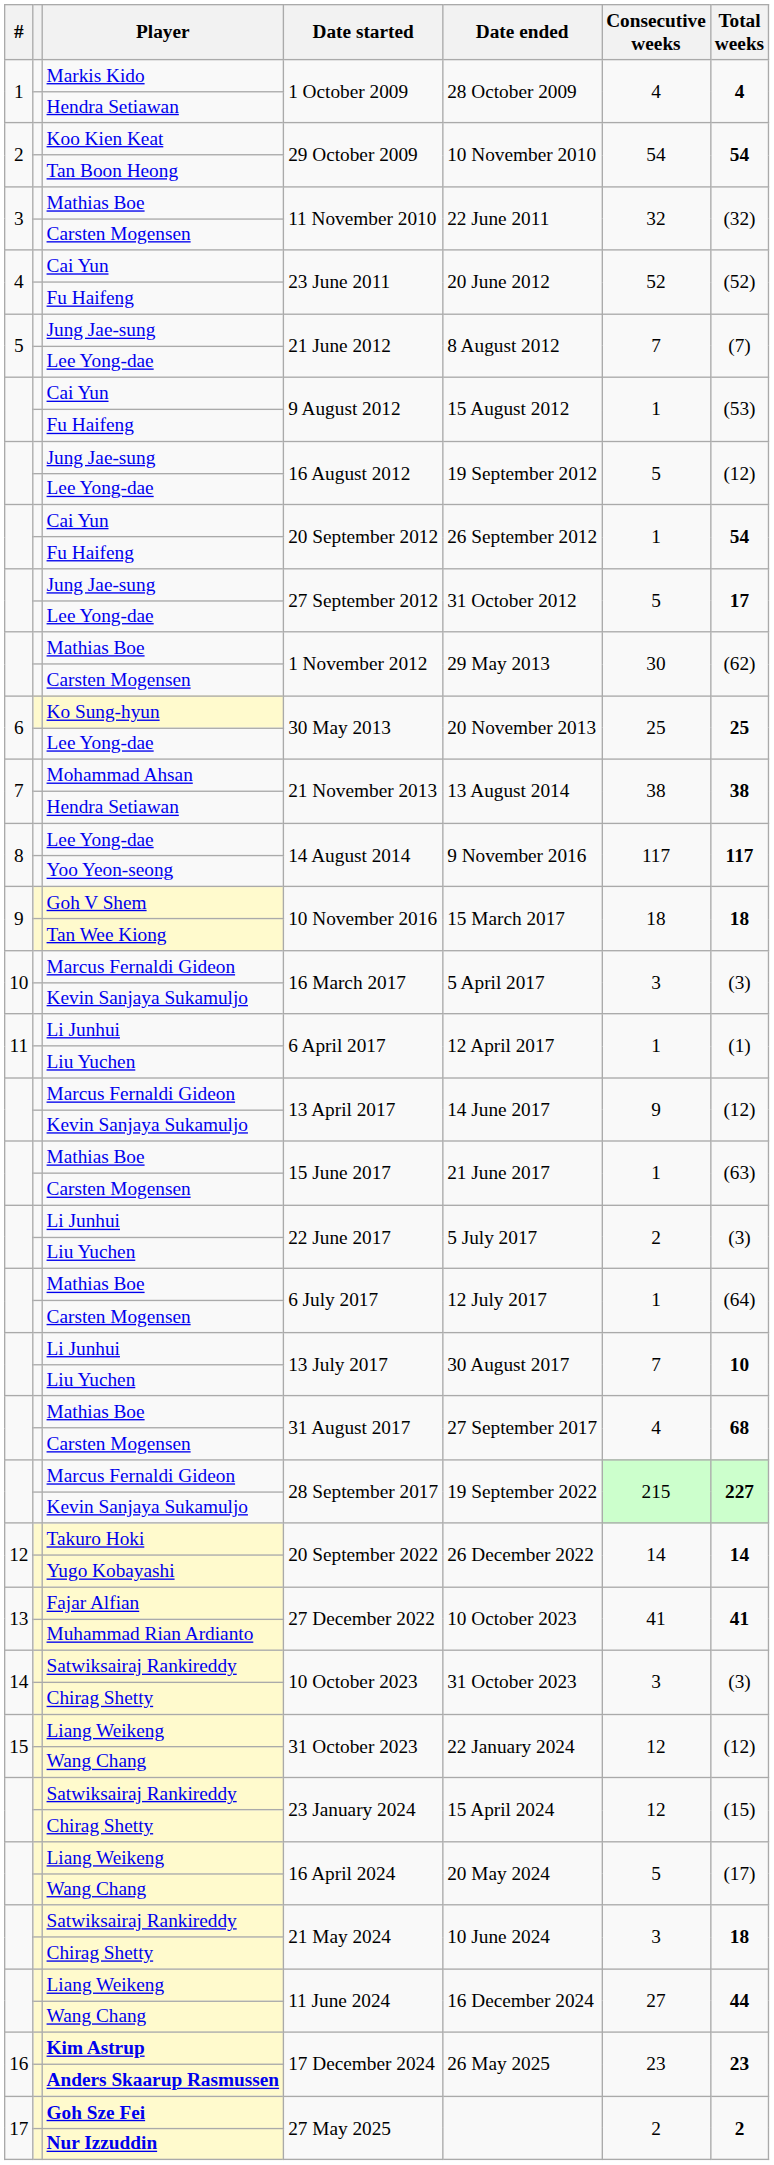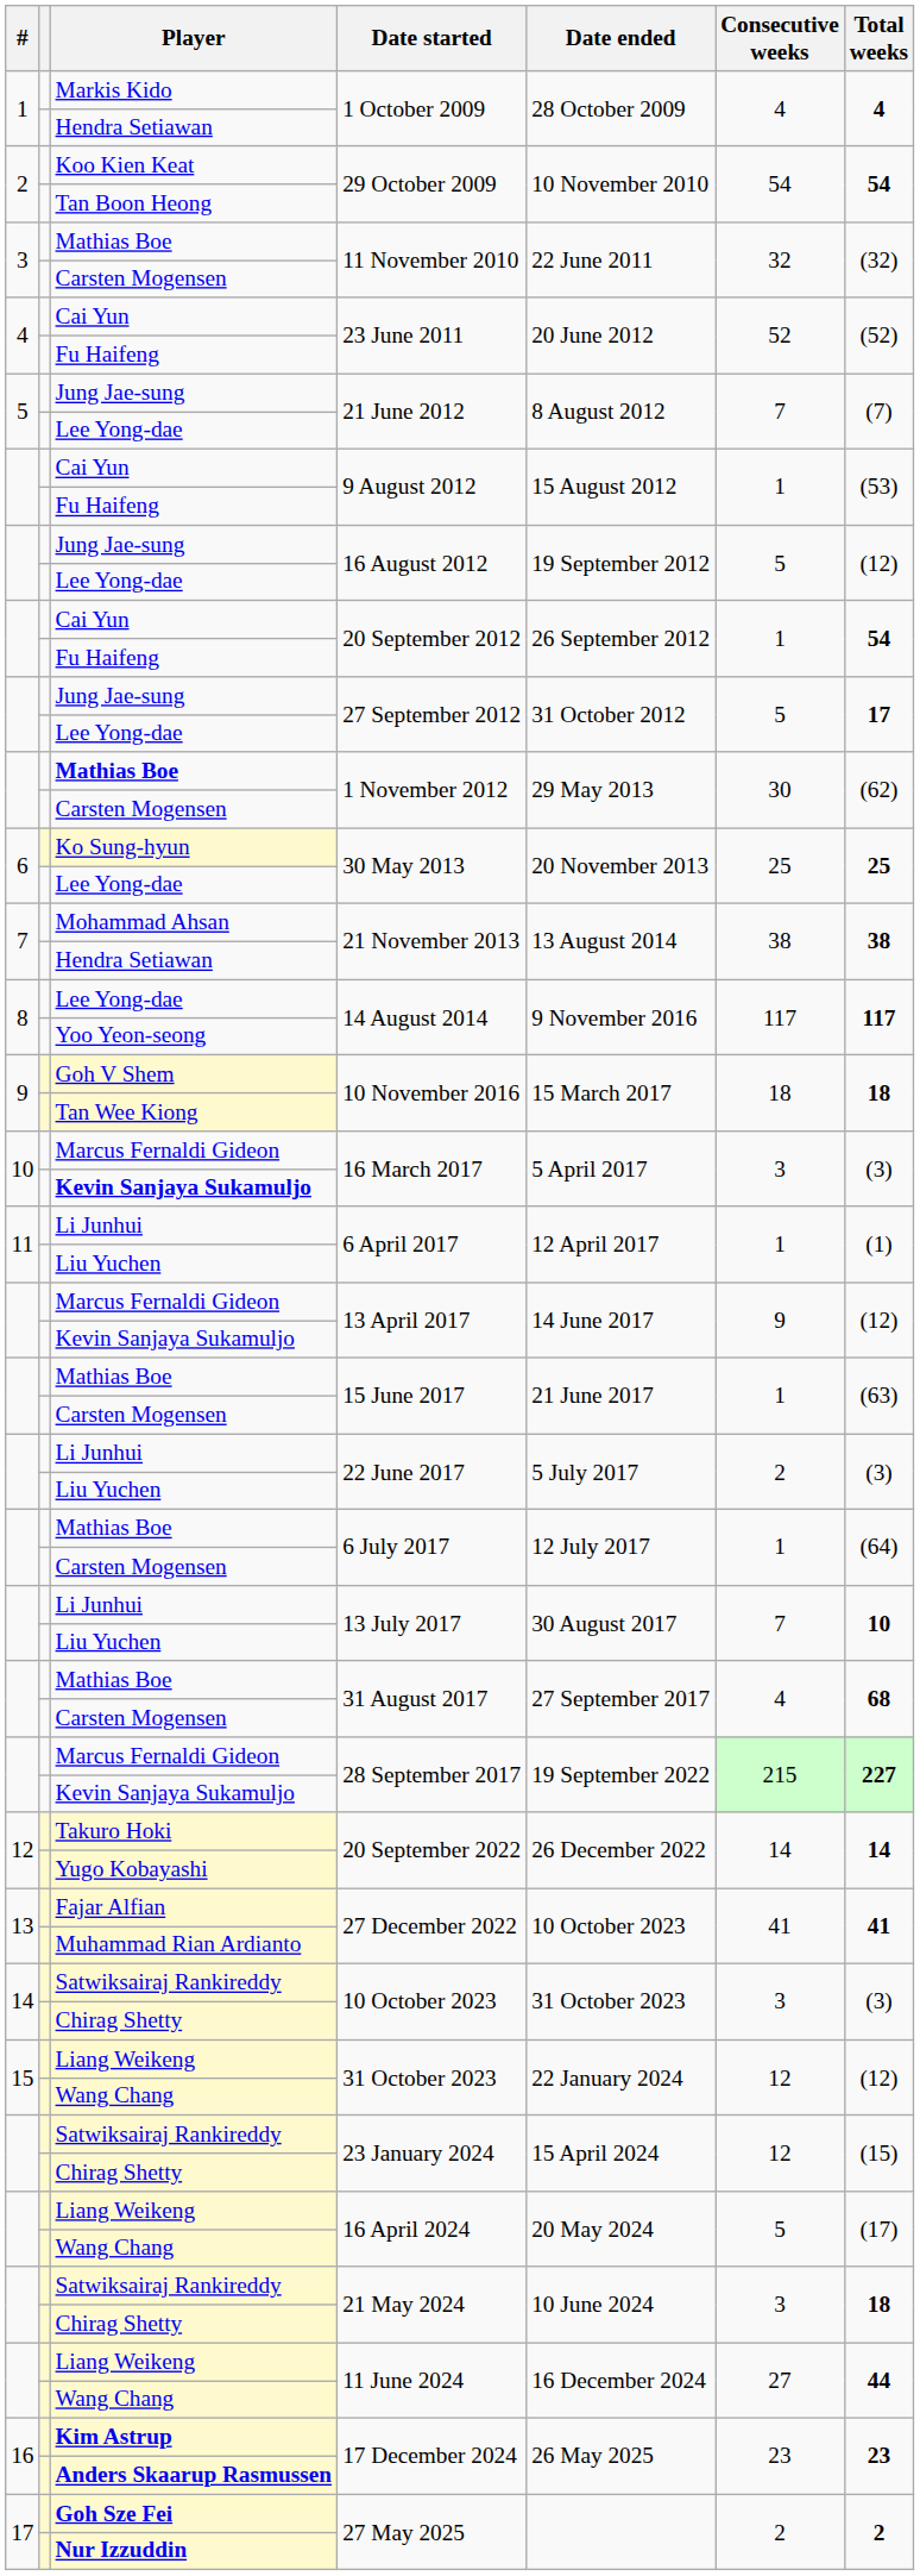 <table class="sortable wikitable" style="font-size:90%; text-align:center">
 <tr>
 <th>#</th>
 <th></th>
 <th>Player</th>
 <th>Date started</th>
 <th>Date ended</th>
 <th>Consecutive<br>weeks</th>
 <th>Total<br>weeks</th>
 </tr>
 <tr>
 <td rowspan="2">1</td>
 <td></td>
 <td align="left"><a href='#'>Markis Kido</a></td>
 <td align="left" rowspan="2">1 October 2009</td>
 <td align="left" rowspan="2">28 October 2009</td>
 <td rowspan="2">4</td>
 <td rowspan="2"><strong>4</strong></td>
 </tr>
 <tr>
 <td></td>
 <td align="left"><a href='#'>Hendra Setiawan</a></td>
 </tr>
 <tr>
 <td rowspan="2">2</td>
 <td></td>
 <td align="left"><a href='#'>Koo Kien Keat</a></td>
 <td align="left" rowspan="2">29 October 2009</td>
 <td align="left" rowspan="2">10 November 2010</td>
 <td rowspan="2">54</td>
 <td rowspan="2"><strong>54</strong></td>
 </tr>
 <tr>
 <td></td>
 <td align="left"><a href='#'>Tan Boon Heong</a></td>
 </tr>
 <tr>
 <td rowspan="2">3</td>
 <td></td>
 <td align="left"><a href='#'>Mathias Boe</a></td>
 <td align="left" rowspan="2">11 November 2010</td>
 <td align="left" rowspan="2">22 June 2011</td>
 <td rowspan="2">32</td>
 <td rowspan="2">(32)</td>
 </tr>
 <tr>
 <td></td>
 <td align="left"><a href='#'>Carsten Mogensen</a></td>
 </tr>
 <tr>
 <td rowspan="2">4</td>
 <td></td>
 <td align="left"><a href='#'>Cai Yun</a></td>
 <td align="left" rowspan="2">23 June 2011</td>
 <td align="left" rowspan="2">20 June 2012</td>
 <td rowspan="2">52</td>
 <td rowspan="2">(52)</td>
 </tr>
 <tr>
 <td></td>
 <td align="left"><a href='#'>Fu Haifeng</a></td>
 </tr>
 <tr>
 <td rowspan="2">5</td>
 <td></td>
 <td align="left"><a href='#'>Jung Jae-sung</a></td>
 <td align="left" rowspan="2">21 June 2012</td>
 <td align="left" rowspan="2">8 August 2012</td>
 <td rowspan="2">7</td>
 <td rowspan="2">(7)</td>
 </tr>
 <tr>
 <td></td>
 <td align="left"><a href='#'>Lee Yong-dae</a></td>
 </tr>
 <tr>
 <td rowspan="2"></td>
 <td></td>
 <td align="left"><a href='#'>Cai Yun</a></td>
 <td align="left" rowspan="2">9 August 2012</td>
 <td align="left" rowspan="2">15 August 2012</td>
 <td rowspan="2">1</td>
 <td rowspan="2">(53)</td>
 </tr>
 <tr>
 <td></td>
 <td align="left"><a href='#'>Fu Haifeng</a></td>
 </tr>
 <tr>
 <td rowspan="2"></td>
 <td></td>
 <td align="left"><a href='#'>Jung Jae-sung</a></td>
 <td align="left" rowspan="2">16 August 2012</td>
 <td align="left" rowspan="2">19 September 2012</td>
 <td rowspan="2">5</td>
 <td rowspan="2">(12)</td>
 </tr>
 <tr>
 <td></td>
 <td align="left"><a href='#'>Lee Yong-dae</a></td>
 </tr>
 <tr>
 <td rowspan="2"></td>
 <td></td>
 <td align="left"><a href='#'>Cai Yun</a></td>
 <td align="left" rowspan="2">20 September 2012</td>
 <td align="left" rowspan="2">26 September 2012</td>
 <td rowspan="2">1</td>
 <td rowspan="2"><strong>54</strong></td>
 </tr>
 <tr>
 <td></td>
 <td align="left"><a href='#'>Fu Haifeng</a></td>
 </tr>
 <tr>
 <td rowspan="2"></td>
 <td></td>
 <td align="left"><a href='#'>Jung Jae-sung</a></td>
 <td align="left" rowspan="2">27 September 2012</td>
 <td align="left" rowspan="2">31 October 2012</td>
 <td rowspan="2">5</td>
 <td rowspan="2"><strong>17</strong></td>
 </tr>
 <tr>
 <td></td>
 <td align="left"><a href='#'>Lee Yong-dae</a></td>
 </tr>
 <tr>
 <td rowspan="2"></td>
 <td></td>
-<td align="left"><a href='#'>Mathias Boe</a></td>
+<td align="left"><strong><a href='#'>Mathias Boe</a></strong></td>
 <td align="left" rowspan="2">1 November 2012</td>
 <td align="left" rowspan="2">29 May 2013</td>
 <td rowspan="2">30</td>
 <td rowspan="2">(62)</td>
 </tr>
 <tr>
 <td></td>
 <td align="left"><a href='#'>Carsten Mogensen</a></td>
 </tr>
 <tr>
 <td rowspan="2">6</td>
 <td bgcolor="#FFFACD"></td>
 <td align="left" bgcolor="#FFFACD"><a href='#'>Ko Sung-hyun</a></td>
 <td align="left" rowspan="2">30 May 2013</td>
 <td align="left" rowspan="2">20 November 2013</td>
 <td rowspan="2">25</td>
 <td rowspan="2"><strong>25</strong></td>
 </tr>
 <tr>
 <td></td>
 <td align="left"><a href='#'>Lee Yong-dae</a></td>
 </tr>
 <tr>
 <td rowspan="2">7</td>
 <td></td>
 <td align="left"><a href='#'>Mohammad Ahsan</a></td>
 <td align="left" rowspan="2">21 November 2013</td>
 <td align="left" rowspan="2">13 August 2014</td>
 <td rowspan="2">38</td>
 <td rowspan="2"><strong>38</strong></td>
 </tr>
 <tr>
 <td></td>
 <td align="left"><a href='#'>Hendra Setiawan</a></td>
 </tr>
 <tr>
 <td rowspan="2">8</td>
 <td></td>
 <td align="left"><a href='#'>Lee Yong-dae</a></td>
 <td align="left" rowspan="2">14 August 2014</td>
 <td align="left" rowspan="2">9 November 2016</td>
 <td rowspan="2">117</td>
 <td rowspan="2"><strong>117</strong></td>
 </tr>
 <tr>
 <td></td>
 <td align="left"><a href='#'>Yoo Yeon-seong</a></td>
 </tr>
 <tr>
 <td rowspan="2">9</td>
 <td bgcolor="#FFFACD"></td>
 <td align="left" bgcolor="#FFFACD"><a href='#'>Goh V Shem</a></td>
 <td align="left" rowspan="2">10 November 2016</td>
 <td align="left" rowspan="2">15 March 2017</td>
 <td rowspan="2">18</td>
 <td rowspan="2"><strong>18</strong></td>
 </tr>
 <tr>
 <td bgcolor="#FFFACD"></td>
 <td align="left" bgcolor="#FFFACD"><a href='#'>Tan Wee Kiong</a></td>
 </tr>
 <tr>
 <td rowspan="2">10</td>
 <td></td>
 <td align="left"><a href='#'>Marcus Fernaldi Gideon</a></td>
 <td align="left" rowspan="2">16 March 2017</td>
 <td align="left" rowspan="2">5 April 2017</td>
 <td rowspan="2">3</td>
 <td rowspan="2">(3)</td>
 </tr>
 <tr>
 <td></td>
-<td align="left"><a href='#'>Kevin Sanjaya Sukamuljo</a></td>
+<td align="left"><strong><a href='#'>Kevin Sanjaya Sukamuljo</a></strong></td>
 </tr>
 <tr>
 <td rowspan="2">11</td>
 <td></td>
 <td align="left"><a href='#'>Li Junhui</a></td>
 <td align="left" rowspan="2">6 April 2017</td>
 <td align="left" rowspan="2">12 April 2017</td>
 <td rowspan="2">1</td>
 <td rowspan="2">(1)</td>
 </tr>
 <tr>
 <td></td>
 <td align="left"><a href='#'>Liu Yuchen</a></td>
 </tr>
 <tr>
 <td rowspan="2"></td>
 <td></td>
 <td align="left"><a href='#'>Marcus Fernaldi Gideon</a></td>
 <td align="left" rowspan="2">13 April 2017</td>
 <td align="left" rowspan="2">14 June 2017</td>
 <td rowspan="2">9</td>
 <td rowspan="2">(12)</td>
 </tr>
 <tr>
 <td></td>
 <td align="left"><a href='#'>Kevin Sanjaya Sukamuljo</a></td>
 </tr>
 <tr>
 <td rowspan="2"></td>
 <td></td>
 <td align="left"><a href='#'>Mathias Boe</a></td>
 <td align="left" rowspan="2">15 June 2017</td>
 <td align="left" rowspan="2">21 June 2017</td>
 <td rowspan="2">1</td>
 <td rowspan="2">(63)</td>
 </tr>
 <tr>
 <td></td>
 <td align="left"><a href='#'>Carsten Mogensen</a></td>
 </tr>
 <tr>
 <td rowspan="2"></td>
 <td></td>
 <td align="left"><a href='#'>Li Junhui</a></td>
 <td align="left" rowspan="2">22 June 2017</td>
 <td align="left" rowspan="2">5 July 2017</td>
 <td rowspan="2">2</td>
 <td rowspan="2">(3)</td>
 </tr>
 <tr>
 <td></td>
 <td align="left"><a href='#'>Liu Yuchen</a></td>
 </tr>
 <tr>
 <td rowspan="2"></td>
 <td></td>
 <td align="left"><a href='#'>Mathias Boe</a></td>
 <td align="left" rowspan="2">6 July 2017</td>
 <td align="left" rowspan="2">12 July 2017</td>
 <td rowspan="2">1</td>
 <td rowspan="2">(64)</td>
 </tr>
 <tr>
 <td></td>
 <td align="left"><a href='#'>Carsten Mogensen</a></td>
 </tr>
 <tr>
 <td rowspan="2"></td>
 <td></td>
 <td align="left"><a href='#'>Li Junhui</a></td>
 <td align="left" rowspan="2">13 July 2017</td>
 <td align="left" rowspan="2">30 August 2017</td>
 <td rowspan="2">7</td>
 <td rowspan="2"><strong>10</strong></td>
 </tr>
 <tr>
 <td></td>
 <td align="left"><a href='#'>Liu Yuchen</a></td>
 </tr>
 <tr>
 <td rowspan="2"></td>
 <td></td>
 <td align="left"><a href='#'>Mathias Boe</a></td>
 <td align="left" rowspan="2">31 August 2017</td>
 <td align="left" rowspan="2">27 September 2017</td>
 <td rowspan="2">4</td>
 <td rowspan="2"><strong>68</strong></td>
 </tr>
 <tr>
 <td></td>
 <td align="left"><a href='#'>Carsten Mogensen</a></td>
 </tr>
 <tr>
 <td rowspan="2"></td>
 <td></td>
 <td align="left"><a href='#'>Marcus Fernaldi Gideon</a></td>
 <td align="left" rowspan="2">28 September 2017</td>
 <td align="left" rowspan="2">19 September 2022</td>
 <td bgcolor="#ccffcc" rowspan="2">215</td>
 <td bgcolor="#ccffcc" rowspan="2"><strong>227</strong></td>
 </tr>
 <tr>
 <td></td>
 <td align="left"><a href='#'>Kevin Sanjaya Sukamuljo</a></td>
 </tr>
 <tr>
 <td rowspan="2">12</td>
 <td bgcolor="#FFFACD"></td>
 <td align="left" bgcolor="#FFFACD"><a href='#'>Takuro Hoki</a></td>
 <td align="left" rowspan="2">20 September 2022</td>
 <td align="left" rowspan="2">26 December 2022</td>
 <td rowspan="2">14</td>
 <td rowspan="2"><strong>14</strong></td>
 </tr>
 <tr>
 <td bgcolor="#FFFACD"></td>
 <td align="left" bgcolor="#FFFACD"><a href='#'>Yugo Kobayashi</a></td>
 </tr>
 <tr>
 <td rowspan="2">13</td>
 <td bgcolor="#FFFACD"></td>
 <td align="left" bgcolor="#FFFACD"><a href='#'>Fajar Alfian</a></td>
 <td align="left" rowspan="2">27 December 2022</td>
 <td align="left" rowspan="2">10 October 2023</td>
 <td rowspan="2">41</td>
 <td rowspan="2"><strong>41</strong></td>
 </tr>
 <tr>
 <td bgcolor="#FFFACD"></td>
 <td align="left" bgcolor="#FFFACD"><a href='#'>Muhammad Rian Ardianto</a></td>
 </tr>
 <tr>
 <td rowspan="2">14</td>
 <td bgcolor="#FFFACD"></td>
 <td align="left" bgcolor="#FFFACD"><a href='#'>Satwiksairaj Rankireddy</a></td>
 <td align="left" rowspan="2">10 October 2023</td>
 <td align="left" rowspan="2">31 October 2023</td>
 <td rowspan="2">3</td>
 <td rowspan="2">(3)</td>
 </tr>
 <tr>
 <td bgcolor="#FFFACD"></td>
 <td align="left" bgcolor="#FFFACD"><a href='#'>Chirag Shetty</a></td>
 </tr>
 <tr>
 <td rowspan="2">15</td>
 <td bgcolor="#FFFACD"></td>
 <td align="left" bgcolor="#FFFACD"><a href='#'>Liang Weikeng</a></td>
 <td align="left" rowspan="2">31 October 2023</td>
 <td align="left" rowspan="2">22 January 2024</td>
 <td rowspan="2">12</td>
 <td rowspan="2">(12)</td>
 </tr>
 <tr>
 <td bgcolor="#FFFACD"></td>
 <td align="left" bgcolor="#FFFACD"><a href='#'>Wang Chang</a></td>
 </tr>
 <tr>
 <td rowspan="2"></td>
 <td bgcolor="#FFFACD"></td>
 <td align="left" bgcolor="#FFFACD"><a href='#'>Satwiksairaj Rankireddy</a></td>
 <td align="left" rowspan="2">23 January 2024</td>
 <td align="left" rowspan="2">15 April 2024</td>
 <td rowspan="2">12</td>
 <td rowspan="2">(15)</td>
 </tr>
 <tr>
 <td bgcolor="#FFFACD"></td>
 <td align="left" bgcolor="#FFFACD"><a href='#'>Chirag Shetty</a></td>
 </tr>
 <tr>
 <td rowspan="2"></td>
 <td bgcolor="#FFFACD"></td>
 <td align="left" bgcolor="#FFFACD"><a href='#'>Liang Weikeng</a></td>
 <td align="left" rowspan="2">16 April 2024</td>
 <td align="left" rowspan="2">20 May 2024</td>
 <td rowspan="2">5</td>
 <td rowspan="2">(17)</td>
 </tr>
 <tr>
 <td bgcolor="#FFFACD"></td>
 <td align="left" bgcolor="#FFFACD"><a href='#'>Wang Chang</a></td>
 </tr>
 <tr>
 <td rowspan="2"></td>
 <td bgcolor="#FFFACD"></td>
 <td align="left" bgcolor="#FFFACD"><a href='#'>Satwiksairaj Rankireddy</a></td>
 <td align="left" rowspan="2">21 May 2024</td>
 <td align="left" rowspan="2">10 June 2024</td>
 <td rowspan="2">3</td>
 <td rowspan="2"><strong>18</strong></td>
 </tr>
 <tr>
 <td bgcolor="#FFFACD"></td>
 <td align="left" bgcolor="#FFFACD"><a href='#'>Chirag Shetty</a></td>
 </tr>
 <tr>
 <td rowspan="2"></td>
 <td bgcolor="#FFFACD"></td>
 <td align="left" bgcolor="#FFFACD"><a href='#'>Liang Weikeng</a></td>
 <td align="left" rowspan="2">11 June 2024</td>
 <td align="left" rowspan="2">16 December 2024</td>
 <td rowspan="2">27</td>
 <td rowspan="2"><strong>44</strong></td>
 </tr>
 <tr>
 <td bgcolor="#FFFACD"></td>
 <td align="left" bgcolor="#FFFACD"><a href='#'>Wang Chang</a></td>
 </tr>
 <tr>
 <td rowspan="2">16</td>
 <td bgcolor="#FFFACD"></td>
 <td align="left" bgcolor="#FFFACD"><strong><a href='#'>Kim Astrup</a></strong></td>
 <td align="left" rowspan="2">17 December 2024</td>
 <td align="left" rowspan="2">26 May 2025</td>
 <td rowspan="2">23</td>
 <td rowspan="2"><strong>23</strong></td>
 </tr>
 <tr>
 <td bgcolor="#FFFACD"></td>
 <td align="left" bgcolor="#FFFACD"><strong><a href='#'>Anders Skaarup Rasmussen</a></strong></td>
 </tr>
 <tr>
 <td rowspan="2">17</td>
 <td bgcolor="#FFFACD"></td>
 <td align="left" bgcolor="#FFFACD"><strong><a href='#'>Goh Sze Fei</a></strong></td>
 <td align="left" rowspan="2">27 May 2025</td>
 <td align="left" rowspan="2"></td>
 <td rowspan="2">2</td>
 <td rowspan="2"><strong>2</strong></td>
 </tr>
 <tr>
 <td bgcolor="#FFFACD"></td>
 <td align="left" bgcolor="#FFFACD"><strong><a href='#'>Nur Izzuddin</a></strong></td>
 </tr>
 </table>
